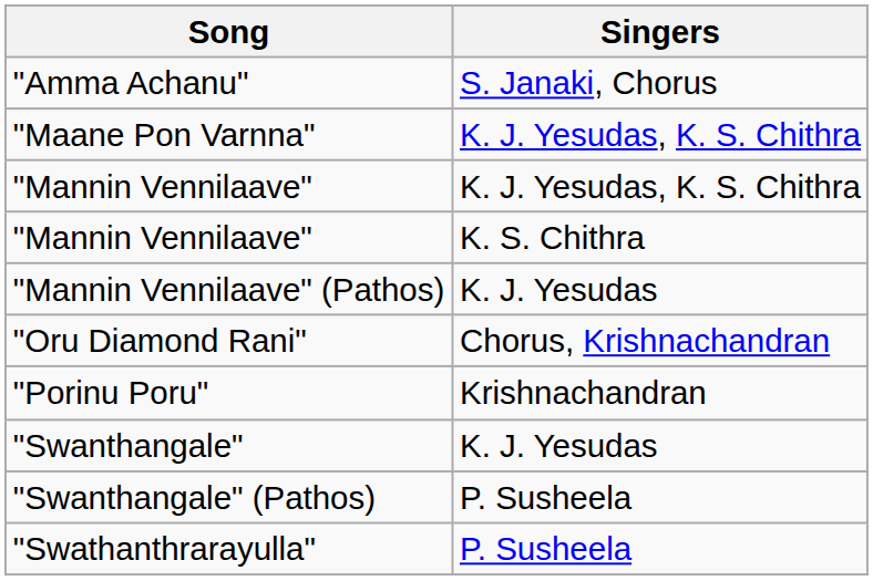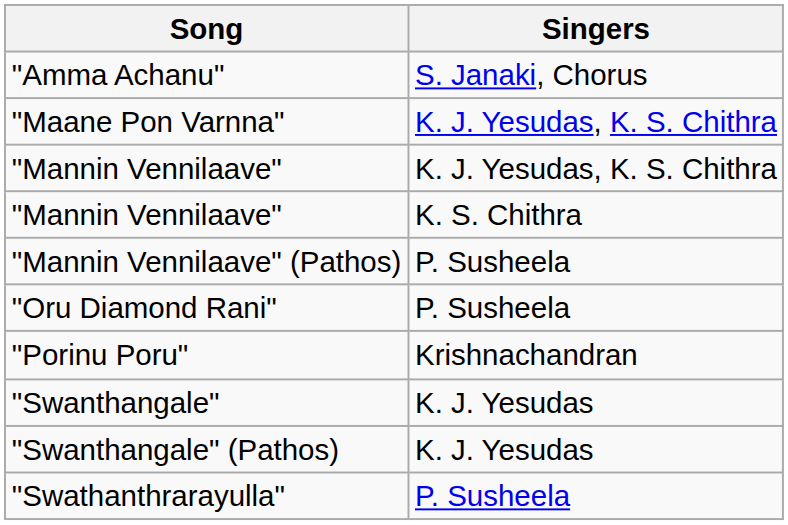 <table class="wikitable" style="font-size:95%;">
 <tr>
 <th>Song</th>
 <th>Singers</th>
 </tr>
 <tr>
 <td>"Amma Achanu"</td>
 <td><a href='#'>S. Janaki</a>, Chorus</td>
 </tr>
 <tr>
 <td>"Maane Pon Varnna"</td>
 <td><a href='#'>K. J. Yesudas</a>, <a href='#'>K. S. Chithra</a></td>
 </tr>
 <tr>
 <td>"Mannin Vennilaave"</td>
 <td>K. J. Yesudas, K. S. Chithra</td>
 </tr>
 <tr>
 <td>"Mannin Vennilaave"</td>
 <td>K. S. Chithra</td>
 </tr>
 <tr>
 <td>"Mannin Vennilaave" (Pathos)</td>
-<td>K. J. Yesudas</td>
+<td>P. Susheela</td>
 </tr>
 <tr>
 <td>"Oru Diamond Rani"</td>
-<td>Chorus, <a href='#'>Krishnachandran</a></td>
+<td>P. Susheela</td>
 </tr>
 <tr>
 <td>"Porinu Poru"</td>
 <td>Krishnachandran</td>
 </tr>
 <tr>
 <td>"Swanthangale"</td>
 <td>K. J. Yesudas</td>
 </tr>
 <tr>
 <td>"Swanthangale" (Pathos)</td>
-<td>P. Susheela</td>
+<td>K. J. Yesudas</td>
 </tr>
 <tr>
 <td>"Swathanthrarayulla"</td>
 <td><a href='#'>P. Susheela</a></td>
 </tr>
 </table>
